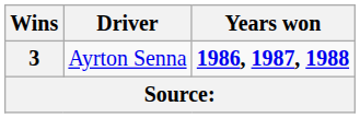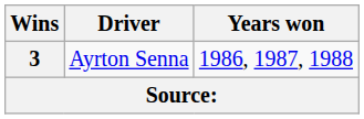 <table class="wikitable" style="font-size: 95%;">
 <tr>
 <th>Wins</th>
 <th>Driver</th>
 <th>Years won</th>
 </tr>
 <tr>
 <th>3</th>
 <td> <a href='#'>Ayrton Senna</a></td>
-<td><strong><a href='#'>1986</a>, <a href='#'>1987</a>, <a href='#'>1988</a></strong></td>
+<td><a href='#'>1986</a>, <a href='#'>1987</a>, <a href='#'>1988</a></td>
 </tr>
 <tr>
 <th colspan=3>Source:</th>
 </tr>
 </table>
